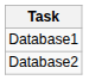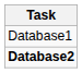 <table class="wikitable">
 <tr>
 <th>Task</th>
 </tr>
 <tr>
 <td>Database1</td>
 </tr>
 <tr>
-<td>Database2</td>
+<td><strong>Database2</strong></td>
 </tr>
 </table>
